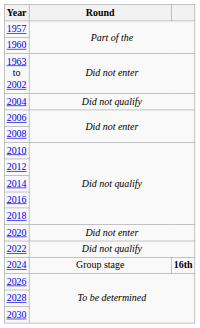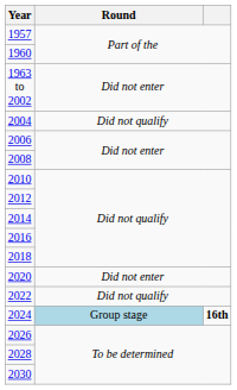 <table class="wikitable" style="text-align: center; font-size:90%">
 <tr>
 <th>Year</th>
 <th style="width:200px">Round</th>
 <th></th>
 </tr>
 <tr>
 <td><a href='#'>1957</a></td>
 <td colspan="2" rowspan="2"><em>Part of the </em></td>
 </tr>
 <tr>
 <td><a href='#'>1960</a></td>
 </tr>
 <tr>
 <td><a href='#'>1963</a><br>to<br><a href='#'>2002</a></td>
 <td colspan="2"><em>Did not enter</em></td>
 </tr>
 <tr>
 <td><a href='#'>2004</a></td>
 <td colspan="2"><em>Did not qualify</em></td>
 </tr>
 <tr>
 <td><a href='#'>2006</a></td>
 <td colspan="2" rowspan="2"><em>Did not enter</em></td>
 </tr>
 <tr>
 <td><a href='#'>2008</a></td>
 </tr>
 <tr>
 <td><a href='#'>2010</a></td>
 <td colspan="2" rowspan="5"><em>Did not qualify</em></td>
 </tr>
 <tr>
 <td><a href='#'>2012</a></td>
 </tr>
 <tr>
 <td><a href='#'>2014</a></td>
 </tr>
 <tr>
 <td><a href='#'>2016</a></td>
 </tr>
 <tr>
 <td><a href='#'>2018</a></td>
 </tr>
 <tr>
 <td><a href='#'>2020</a></td>
 <td colspan="2"><em>Did not enter</em></td>
 </tr>
 <tr>
 <td><a href='#'>2022</a></td>
 <td colspan="2"><em>Did not qualify</em></td>
 </tr>
 <tr>
 <td><a href='#'>2024</a></td>
-<td>Group stage</td>
+<td style="background: lightblue;">Group stage</td>
 <td><strong>16th</strong></td>
 </tr>
 <tr>
 <td><a href='#'>2026</a></td>
 <td colspan="2" rowspan="3"><em>To be determined</em></td>
 </tr>
 <tr>
 <td><a href='#'>2028</a></td>
 </tr>
 <tr>
 <td><a href='#'>2030</a></td>
 </tr>
 </table>
